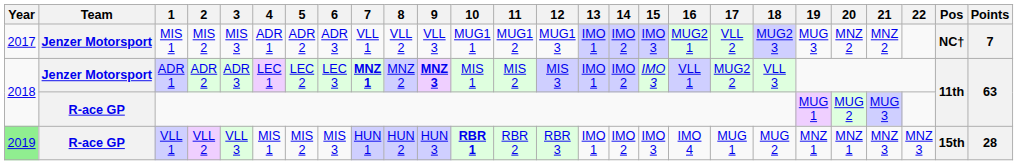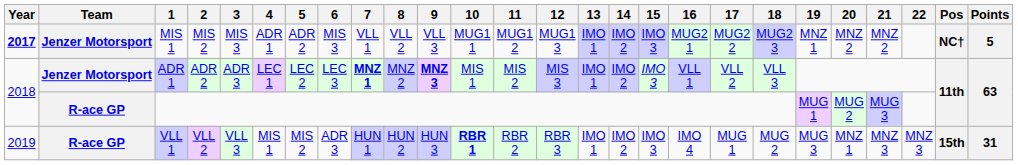 <table class="wikitable" style="text-align:center; font-size:85%">
 <tr>
 <th>Year</th>
 <th>Team</th>
 <th>1</th>
 <th>2</th>
 <th>3</th>
 <th>4</th>
 <th>5</th>
 <th>6</th>
 <th>7</th>
 <th>8</th>
 <th>9</th>
 <th>10</th>
 <th>11</th>
 <th>12</th>
 <th>13</th>
 <th>14</th>
 <th>15</th>
 <th>16</th>
 <th>17</th>
 <th>18</th>
 <th>19</th>
 <th>20</th>
 <th>21</th>
 <th>22</th>
 <th>Pos</th>
 <th>Points</th>
 </tr>
 <tr>
-<td><a href='#'>2017</a></td>
+<td><strong><a href='#'>2017</a></strong></td>
 <th nowrap><a href='#'>Jenzer Motorsport</a></th>
 <td style="background:#;"><a href='#'>MIS<br>1</a></td>
 <td style="background:#;"><a href='#'>MIS<br>2</a></td>
 <td style="background:#;"><a href='#'>MIS<br>3</a></td>
 <td style="background:#;"><a href='#'>ADR<br>1</a></td>
 <td style="background:#;"><a href='#'>ADR<br>2</a></td>
-<td style="background:#;"><a href='#'>ADR<br>3</a></td>
+<td style="background:#;"><a href='#'>MIS<br>3</a></td>
 <td style="background:#;"><a href='#'>VLL<br>1</a></td>
 <td style="background:#;"><a href='#'>VLL<br>2</a></td>
 <td style="background:#;"><a href='#'>VLL<br>3</a></td>
 <td style="background:#;"><a href='#'>MUG1<br>1</a></td>
 <td style="background:#;"><a href='#'>MUG1<br>2</a></td>
 <td style="background:#;"><a href='#'>MUG1<br>3</a></td>
 <td style="background:#CFCFFF;"><a href='#'>IMO<br>1</a><br></td>
 <td style="background:#CFCFFF;"><a href='#'>IMO<br>2</a><br></td>
 <td style="background:#CFCFFF;"><a href='#'>IMO<br>3</a><br></td>
 <td style="background:#DFFFDF;"><a href='#'>MUG2<br>1</a><br></td>
-<td style="background:#DFFFDF;"><a href='#'>VLL<br>2</a><br></td>
+<td style="background:#DFFFDF;"><a href='#'>MUG2<br>2</a><br></td>
 <td style="background:#CFCFFF;"><a href='#'>MUG2<br>3</a><br></td>
-<td style="background:#;"><a href='#'>MUG<br>3</a></td>
+<td style="background:#;"><a href='#'>MNZ<br>1</a></td>
 <td style="background:#;"><a href='#'>MNZ<br>2</a></td>
 <td style="background:#;"><a href='#'>MNZ<br>2</a></td>
 <td></td>
 <th>NC†</th>
-<th>7</th>
+<th>5</th>
 </tr>
 <tr>
 <td rowspan=2><a href='#'>2018</a></td>
 <th nowrap><a href='#'>Jenzer Motorsport</a></th>
 <td style="background:#CFCFFF;"><a href='#'>ADR<br>1</a><br></td>
 <td style="background:#DFFFDF;"><a href='#'>ADR<br>2</a><br></td>
 <td style="background:#DFFFDF;"><a href='#'>ADR<br>3</a><br></td>
 <td style="background:#EFCFFF;"><a href='#'>LEC<br>1</a><br></td>
 <td style="background:#DFFFDF;"><a href='#'>LEC<br>2</a><br></td>
 <td style="background:#DFFFDF;"><a href='#'>LEC<br>3</a><br></td>
 <td style="background:#DFFFDF;"><strong><a href='#'>MNZ<br>1</a></strong><br></td>
 <td style="background:#CFCFFF;"><a href='#'>MNZ<br>2</a><br></td>
 <td style="background:#EFCFFF;"><strong><a href='#'>MNZ<br>3</a></strong><br></td>
 <td style="background:#DFFFDF;"><a href='#'>MIS<br>1</a><br></td>
 <td style="background:#DFFFDF;"><a href='#'>MIS<br>2</a><br></td>
 <td style="background:#CFCFFF;"><a href='#'>MIS<br>3</a><br></td>
 <td style="background:#CFCFFF;"><a href='#'>IMO<br>1</a><br></td>
 <td style="background:#CFCFFF;"><a href='#'>IMO<br>2</a><br></td>
 <td style="background:#DFFFDF;"><em><a href='#'>IMO<br>3</a></em><br></td>
 <td style="background:#CFCFFF;"><a href='#'>VLL<br>1</a><br></td>
-<td style="background:#DFFFDF;"><a href='#'>MUG2<br>2</a><br></td>
+<td style="background:#DFFFDF;"><a href='#'>VLL<br>2</a><br></td>
 <td style="background:#DFFFDF;"><a href='#'>VLL<br>3</a><br></td>
 <td colspan=4></td>
 <th rowspan=2>11th</th>
 <th rowspan=2>63</th>
 </tr>
 <tr>
 <th nowrap><a href='#'>R-ace GP</a></th>
 <td colspan=18></td>
 <td style="background:#EFCFFF;"><a href='#'>MUG<br>1</a><br></td>
 <td style="background:#DFFFDF;"><a href='#'>MUG<br>2</a><br></td>
 <td style="background:#CFCFFF;"><a href='#'>MUG<br>3</a><br></td>
 <td></td>
 </tr>
 <tr>
-<td style="background: lightgreen;"><a href='#'>2019</a></td>
+<td><a href='#'>2019</a></td>
 <th nowrap><a href='#'>R-ace GP</a></th>
 <td style="background:#CFCFFF;"><a href='#'>VLL<br>1</a><br></td>
 <td style="background:#EFCFFF;"><a href='#'>VLL<br>2</a><br></td>
 <td style="background:#DFFFDF;"><a href='#'>VLL<br>3</a><br></td>
 <td style="background:#;"><a href='#'>MIS<br>1</a></td>
 <td style="background:#;"><a href='#'>MIS<br>2</a></td>
-<td style="background:#;"><a href='#'>MIS<br>3</a></td>
+<td style="background:#;"><a href='#'>ADR<br>3</a></td>
 <td style="background:#CFCFFF;"><a href='#'>HUN<br>1</a><br></td>
 <td style="background:#CFCFFF;"><a href='#'>HUN<br>2</a><br></td>
 <td style="background:#CFCFFF;"><a href='#'>HUN<br>3</a><br></td>
 <td style="background:#DFFFDF;"><strong><a href='#'>RBR<br>1</a><br></strong></td>
 <td style="background:#DFFFDF;"><a href='#'>RBR<br>2</a><br></td>
 <td style="background:#DFFFDF;"><a href='#'>RBR<br>3</a><br></td>
 <td style="background:#;"><a href='#'>IMO<br>1</a></td>
 <td style="background:#;"><a href='#'>IMO<br>2</a></td>
 <td style="background:#;"><a href='#'>IMO<br>3</a></td>
 <td style="background:#;"><a href='#'>IMO<br>4</a></td>
 <td style="background:#;"><a href='#'>MUG<br>1</a></td>
 <td style="background:#;"><a href='#'>MUG<br>2</a></td>
-<td style="background:#;"><a href='#'>MNZ<br>1</a></td>
+<td style="background:#;"><a href='#'>MUG<br>3</a></td>
 <td style="background:#;"><a href='#'>MNZ<br>1</a></td>
 <td style="background:#;"><a href='#'>MNZ<br>3</a></td>
 <td style="background:#;"><a href='#'>MNZ<br>3</a></td>
 <th>15th</th>
-<th>28</th>
+<th>31</th>
 </tr>
 </table>
